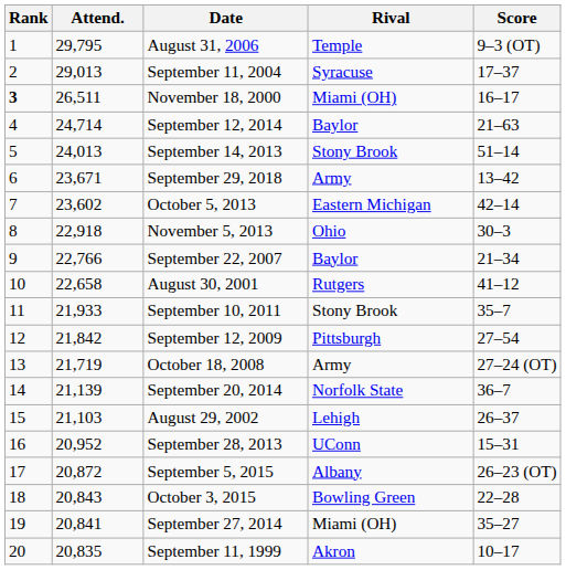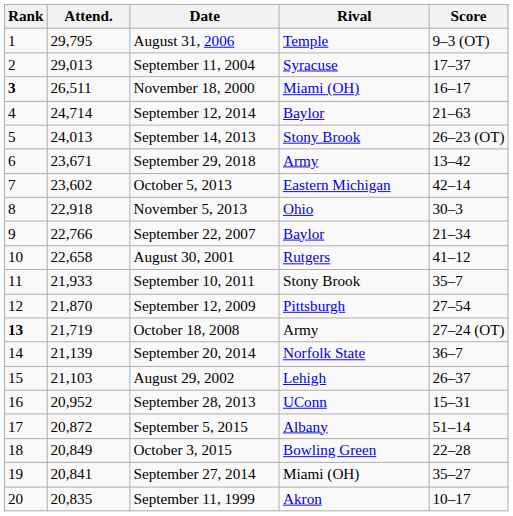 <table class="wikitable sortable"; style= "text-align: ">
 <tr>
 <th width=px>Rank</th>
 <th width=80px>Attend.</th>
 <th width=150px>Date</th>
 <th width=150px>Rival</th>
 <th width=px>Score</th>
 </tr>
 <tr>
 <td>1</td>
 <td>29,795</td>
 <td>August 31, <a href='#'>2006</a></td>
 <td><a href='#'>Temple</a></td>
 <td>9–3 (OT)</td>
 </tr>
 <tr>
 <td>2</td>
 <td>29,013</td>
 <td>September 11, 2004</td>
 <td><a href='#'>Syracuse</a></td>
 <td>17–37</td>
 </tr>
 <tr>
 <td><strong>3</strong></td>
 <td>26,511</td>
 <td>November 18, 2000</td>
 <td><a href='#'>Miami (OH)</a></td>
 <td>16–17</td>
 </tr>
 <tr>
 <td>4</td>
 <td>24,714</td>
 <td>September 12, 2014</td>
 <td><a href='#'>Baylor</a></td>
 <td>21–63</td>
 </tr>
 <tr>
 <td>5</td>
 <td>24,013</td>
 <td>September 14, 2013</td>
 <td><a href='#'>Stony Brook</a></td>
-<td>51–14</td>
+<td>26–23 (OT)</td>
 </tr>
 <tr>
 <td>6</td>
 <td>23,671</td>
 <td>September 29, 2018</td>
 <td><a href='#'>Army</a></td>
 <td>13–42</td>
 </tr>
 <tr>
 <td>7</td>
 <td>23,602</td>
 <td>October 5, 2013</td>
 <td><a href='#'>Eastern Michigan</a></td>
 <td>42–14</td>
 </tr>
 <tr>
 <td>8</td>
 <td>22,918</td>
 <td>November 5, 2013</td>
 <td><a href='#'>Ohio</a></td>
 <td>30–3</td>
 </tr>
 <tr>
 <td>9</td>
 <td>22,766</td>
 <td>September 22, 2007</td>
 <td><a href='#'>Baylor</a></td>
 <td>21–34</td>
 </tr>
 <tr>
 <td>10</td>
 <td>22,658</td>
 <td>August 30, 2001</td>
 <td><a href='#'>Rutgers</a></td>
 <td>41–12</td>
 </tr>
 <tr>
 <td>11</td>
 <td>21,933</td>
 <td>September 10, 2011</td>
 <td>Stony Brook</td>
 <td>35–7</td>
 </tr>
 <tr>
 <td>12</td>
-<td>21,842</td>
+<td>21,870</td>
 <td>September 12, 2009</td>
 <td><a href='#'>Pittsburgh</a></td>
 <td>27–54</td>
 </tr>
 <tr>
-<td>13</td>
+<td><strong>13</strong></td>
 <td>21,719</td>
 <td>October 18, 2008</td>
 <td>Army</td>
 <td>27–24 (OT)</td>
 </tr>
 <tr>
 <td>14</td>
 <td>21,139</td>
 <td>September 20, 2014</td>
 <td><a href='#'>Norfolk State</a></td>
 <td>36–7</td>
 </tr>
 <tr>
 <td>15</td>
 <td>21,103</td>
 <td>August 29, 2002</td>
 <td><a href='#'>Lehigh</a></td>
 <td>26–37</td>
 </tr>
 <tr>
 <td>16</td>
 <td>20,952</td>
 <td>September 28, 2013</td>
 <td><a href='#'>UConn</a></td>
 <td>15–31</td>
 </tr>
 <tr>
 <td>17</td>
 <td>20,872</td>
 <td>September 5, 2015</td>
 <td><a href='#'>Albany</a></td>
-<td>26–23 (OT)</td>
+<td>51–14</td>
 </tr>
 <tr>
 <td>18</td>
-<td>20,843</td>
+<td>20,849</td>
 <td>October 3, 2015</td>
 <td><a href='#'>Bowling Green</a></td>
 <td>22–28</td>
 </tr>
 <tr>
 <td>19</td>
 <td>20,841</td>
 <td>September 27, 2014</td>
 <td>Miami (OH)</td>
 <td>35–27</td>
 </tr>
 <tr>
 <td>20</td>
 <td>20,835</td>
 <td>September 11, 1999</td>
 <td><a href='#'>Akron</a></td>
 <td>10–17</td>
 </tr>
 </table>
